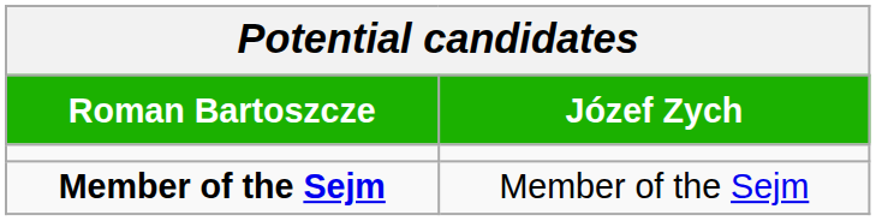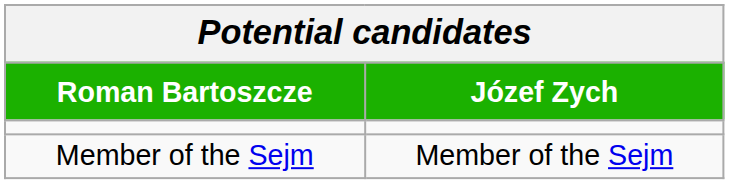 <table class="wikitable" style="font-size:90%;">
 <tr>
 <th colspan="11" style="text-align:center; width:150px; font-size:120%; color:black;"><em>Potential candidates</em></th>
 </tr>
 <tr style="text-align:center">
 <th scope="col" style="width:10em; font-size:120%; background:#1BB100; color:white;"><small>Roman Bartoszcze</small></th>
 <th scope="col" style="width:10em; font-size:120%; background:#1BB100; color:white;"><small>Józef Zych</small></th>
 </tr>
 <tr style="text-align:center">
 <td style="text-align:center"></td>
 <td style="text-align:center"></td>
 </tr>
 <tr style="text-align:center">
-<td><strong>Member of the <a href='#'>Sejm</a><br></strong></td>
+<td>Member of the <a href='#'>Sejm</a><br></td>
 <td>Member of the <a href='#'>Sejm</a><br></td>
 </tr>
 </table>
